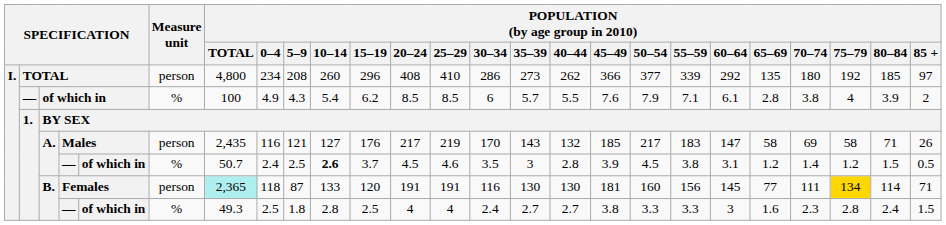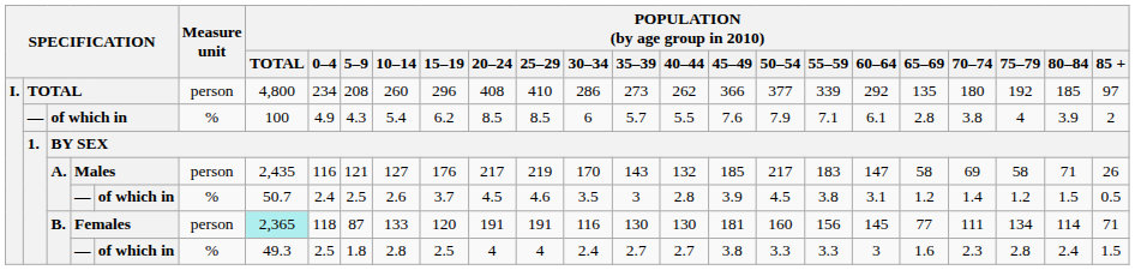 <table class="wikitable" style="font-size:85%; text-align:center">
 <tr>
 <th rowspan="2" colspan="5">SPECIFICATION</th>
 <th rowspan="2">Measure<br> unit</th>
 <th colspan="20" rowspan="1">POPULATION<br> (by age group in 2010)</th>
 </tr>
 <tr>
 <th>TOTAL</th>
 <th>0–4</th>
 <th>5–9</th>
 <th>10–14</th>
 <th>15–19</th>
 <th>20–24</th>
 <th>25–29</th>
 <th>30–34</th>
 <th>35–39</th>
 <th>40–44</th>
 <th>45–49</th>
 <th>50–54</th>
 <th>55–59</th>
 <th>60–64</th>
 <th>65–69</th>
 <th>70–74</th>
 <th>75–79</th>
 <th>80–84</th>
 <th>85 +</th>
 </tr>
 <tr>
 <th style="text-align:left" valign="top" rowspan="7">I.</th>
 <th style="text-align:left" colspan="4">TOTAL</th>
 <td>person</td>
 <td>4,800</td>
 <td>234</td>
 <td>208</td>
 <td>260</td>
 <td>296</td>
 <td>408</td>
 <td>410</td>
 <td>286</td>
 <td>273</td>
 <td>262</td>
 <td>366</td>
 <td>377</td>
 <td>339</td>
 <td>292</td>
 <td>135</td>
 <td>180</td>
 <td>192</td>
 <td>185</td>
 <td>97</td>
 </tr>
 <tr>
 <th style="text-align:left" valign="top">—</th>
 <th style="text-align:left" colspan="3">of which in</th>
 <td>%</td>
 <td>100</td>
 <td>4.9</td>
 <td>4.3</td>
 <td>5.4</td>
 <td>6.2</td>
 <td>8.5</td>
 <td>8.5</td>
 <td>6</td>
 <td>5.7</td>
 <td>5.5</td>
 <td>7.6</td>
 <td>7.9</td>
 <td>7.1</td>
 <td>6.1</td>
 <td>2.8</td>
 <td>3.8</td>
 <td>4</td>
 <td>3.9</td>
 <td>2</td>
 </tr>
 <tr>
 <th style="text-align:left" valign="top" rowspan="5">1.</th>
 <th style="text-align:left" colspan="23">BY SEX</th>
 </tr>
 <tr>
 <th style="text-align:left" valign="top" rowspan="2">A.</th>
 <th style="text-align:left" colspan="2">Males</th>
 <td>person</td>
 <td>2,435</td>
 <td>116</td>
 <td>121</td>
 <td>127</td>
 <td>176</td>
 <td>217</td>
 <td>219</td>
 <td>170</td>
 <td>143</td>
 <td>132</td>
 <td>185</td>
 <td>217</td>
 <td>183</td>
 <td>147</td>
 <td>58</td>
 <td>69</td>
 <td>58</td>
 <td>71</td>
 <td>26</td>
 </tr>
 <tr>
 <th style="text-align:left" valign="top">—</th>
 <th style="text-align:left" colspan="1">of which in</th>
 <td>%</td>
 <td>50.7</td>
 <td>2.4</td>
 <td>2.5</td>
-<td><strong>2.6</strong></td>
+<td>2.6</td>
 <td>3.7</td>
 <td>4.5</td>
 <td>4.6</td>
 <td>3.5</td>
 <td>3</td>
 <td>2.8</td>
 <td>3.9</td>
 <td>4.5</td>
 <td>3.8</td>
 <td>3.1</td>
 <td>1.2</td>
 <td>1.4</td>
 <td>1.2</td>
 <td>1.5</td>
 <td>0.5</td>
 </tr>
 <tr>
 <th style="text-align:left" valign="top" rowspan="2">B.</th>
 <th style="text-align:left" colspan="2">Females</th>
 <td>person</td>
 <td style="background: paleturquoise;">2,365</td>
 <td>118</td>
 <td>87</td>
 <td>133</td>
 <td>120</td>
 <td>191</td>
 <td>191</td>
 <td>116</td>
 <td>130</td>
 <td>130</td>
 <td>181</td>
 <td>160</td>
 <td>156</td>
 <td>145</td>
 <td>77</td>
 <td>111</td>
-<td style="background: gold;">134</td>
+<td>134</td>
 <td>114</td>
 <td>71</td>
 </tr>
 <tr>
 <th style="text-align:left" valign="top">—</th>
 <th style="text-align:left" colspan="1">of which in</th>
 <td>%</td>
 <td>49.3</td>
 <td>2.5</td>
 <td>1.8</td>
 <td>2.8</td>
 <td>2.5</td>
 <td>4</td>
 <td>4</td>
 <td>2.4</td>
 <td>2.7</td>
 <td>2.7</td>
 <td>3.8</td>
 <td>3.3</td>
 <td>3.3</td>
 <td>3</td>
 <td>1.6</td>
 <td>2.3</td>
 <td>2.8</td>
 <td>2.4</td>
 <td>1.5</td>
 </tr>
 </table>
